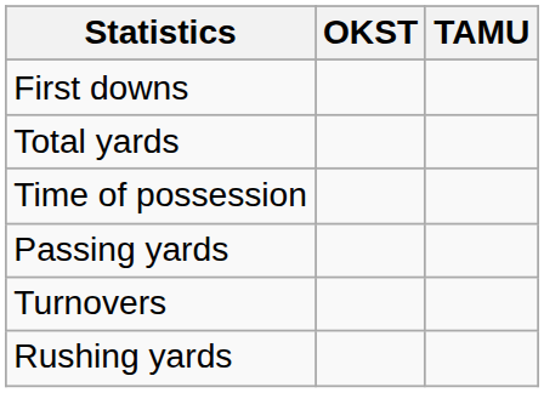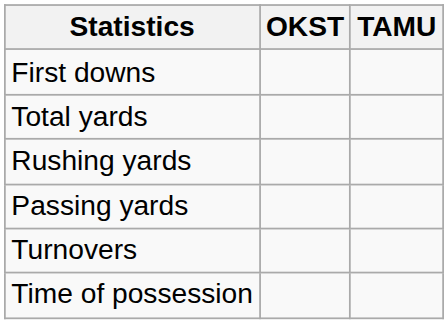 <table class="wikitable" style="float: left;">
 <tr>
 <th>Statistics</th>
 <th>OKST</th>
 <th>TAMU</th>
 </tr>
 <tr>
 <td>First downs</td>
 <td></td>
 <td></td>
 </tr>
 <tr>
 <td>Total yards</td>
 <td></td>
 <td></td>
 </tr>
 <tr>
-<td>Time of possession</td>
+<td>Rushing yards</td>
 <td></td>
 <td></td>
 </tr>
 <tr>
 <td>Passing yards</td>
 <td></td>
 <td></td>
 </tr>
 <tr>
 <td>Turnovers</td>
 <td></td>
 <td></td>
 </tr>
 <tr>
-<td>Rushing yards</td>
+<td>Time of possession</td>
 <td></td>
 <td></td>
 </tr>
 </table>
